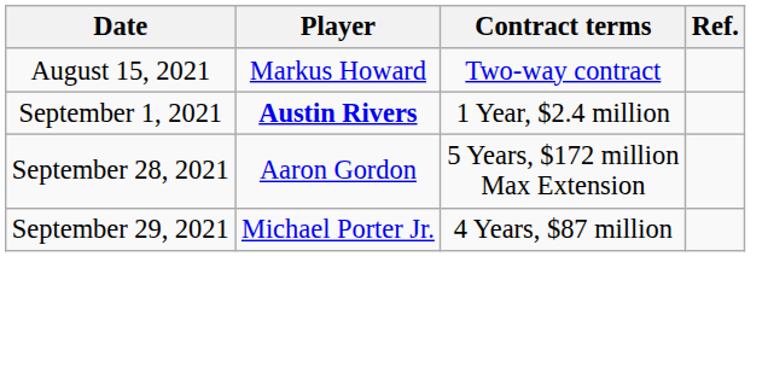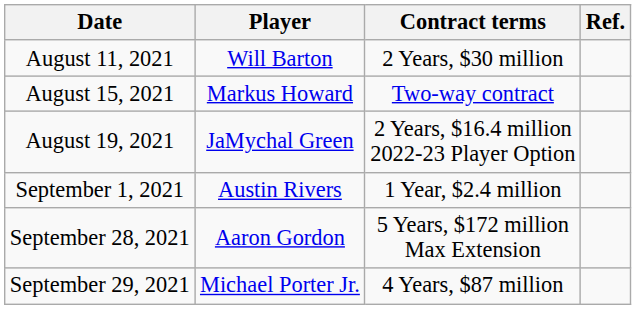 <table class="wikitable sortable sortable" style="text-align: center">
 <tr>
 <th>Date</th>
 <th>Player</th>
 <th>Contract terms</th>
 <th>Ref.</th>
 </tr>
 <tr>
+<td>August 11, 2021</td>
+<td><a href='#'>Will Barton</a></td>
+<td>2 Years, $30 million</td>
+<td></td>
+</tr>
+<tr>
 <td>August 15, 2021</td>
 <td><a href='#'>Markus Howard</a></td>
 <td><a href='#'>Two-way contract</a></td>
 <td></td>
 </tr>
 <tr>
+<td>August 19, 2021</td>
+<td><a href='#'>JaMychal Green</a></td>
+<td>2 Years, $16.4 million<br>2022-23 Player Option</td>
+<td></td>
+</tr>
+<tr>
 <td>September 1, 2021</td>
-<td><strong><a href='#'>Austin Rivers</a></strong></td>
+<td><a href='#'>Austin Rivers</a></td>
 <td>1 Year, $2.4 million</td>
 <td></td>
 </tr>
 <tr>
 <td>September 28, 2021</td>
 <td><a href='#'>Aaron Gordon</a></td>
 <td>5 Years, $172 million<br>Max Extension</td>
 <td></td>
 </tr>
 <tr>
 <td>September 29, 2021</td>
 <td><a href='#'>Michael Porter Jr.</a></td>
 <td>4 Years, $87 million</td>
 <td></td>
 </tr>
 </table>
